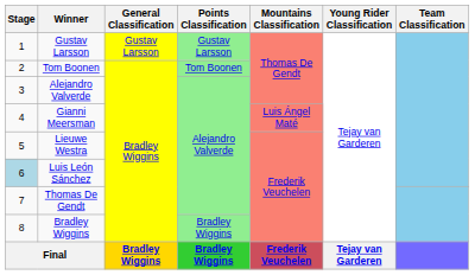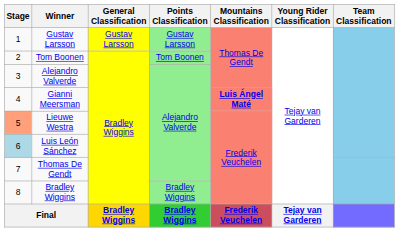 <table class="wikitable" style="text-align: center; font-size:smaller;">
 <tr>
 <th style="width:1%;">Stage</th>
 <th style="width:14%;">Winner</th>
 <th style="width:15%;"><strong>General Classification</strong><br></th>
 <th style="width:15%;"><strong>Points Classification</strong><br></th>
 <th style="width:15%;"><strong>Mountains Classification</strong><br></th>
 <th style="width:15%;"><strong>Young Rider Classification</strong><br></th>
 <th style="width:15%;"><strong>Team Classification</strong><br></th>
 </tr>
 <tr>
 <td>1</td>
 <td><a href='#'>Gustav Larsson</a></td>
 <td style="background:yellow;"><a href='#'>Gustav Larsson</a></td>
 <td style="background:lightgreen;"><a href='#'>Gustav Larsson</a></td>
 <td style="background:salmon;" rowspan=3><a href='#'>Thomas De Gendt</a></td>
 <td style="background:white;" rowspan=8><a href='#'>Tejay van Garderen</a></td>
 <td style="background:skyblue;" rowspan=6></td>
 </tr>
 <tr>
 <td>2</td>
 <td><a href='#'>Tom Boonen</a></td>
 <td style="background:yellow;" rowspan=7><a href='#'>Bradley Wiggins</a></td>
 <td style="background:lightgreen;"><a href='#'>Tom Boonen</a></td>
 </tr>
 <tr>
 <td>3</td>
 <td><a href='#'>Alejandro Valverde</a></td>
 <td style="background:lightgreen;" rowspan=5><a href='#'>Alejandro Valverde</a></td>
 </tr>
 <tr>
 <td>4</td>
 <td><a href='#'>Gianni Meersman</a></td>
-<td style="background:salmon;"><a href='#'>Luis Ángel Maté</a></td>
+<td style="background:salmon;"><strong><a href='#'>Luis Ángel Maté</a></strong></td>
 </tr>
 <tr>
-<td>5</td>
+<td style="background: lightsalmon;">5</td>
 <td><a href='#'>Lieuwe Westra</a></td>
 <td style="background:salmon;" rowspan=4><a href='#'>Frederik Veuchelen</a></td>
 </tr>
 <tr>
 <td style="background: lightblue;">6</td>
 <td><a href='#'>Luis León Sánchez</a></td>
 </tr>
 <tr>
 <td>7</td>
 <td><a href='#'>Thomas De Gendt</a></td>
 <td style="background:skyblue;" rowspan=2></td>
 </tr>
 <tr>
 <td>8</td>
 <td><a href='#'>Bradley Wiggins</a></td>
 <td style="background:lightgreen;"><a href='#'>Bradley Wiggins</a></td>
 </tr>
 <tr>
 <th colspan=2><strong>Final</strong></th>
 <th style="background:gold;"><a href='#'>Bradley Wiggins</a></th>
 <th style="background:limegreen;"><a href='#'>Bradley Wiggins</a></th>
 <th style="background:#CC4E5C;"><a href='#'>Frederik Veuchelen</a></th>
 <th style="background:offwhite;"><a href='#'>Tejay van Garderen</a></th>
 <th style="background:#736aff;"></th>
 </tr>
 </table>
